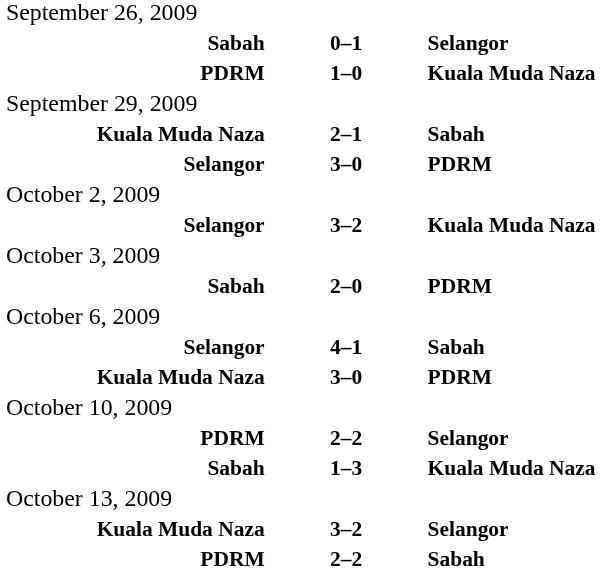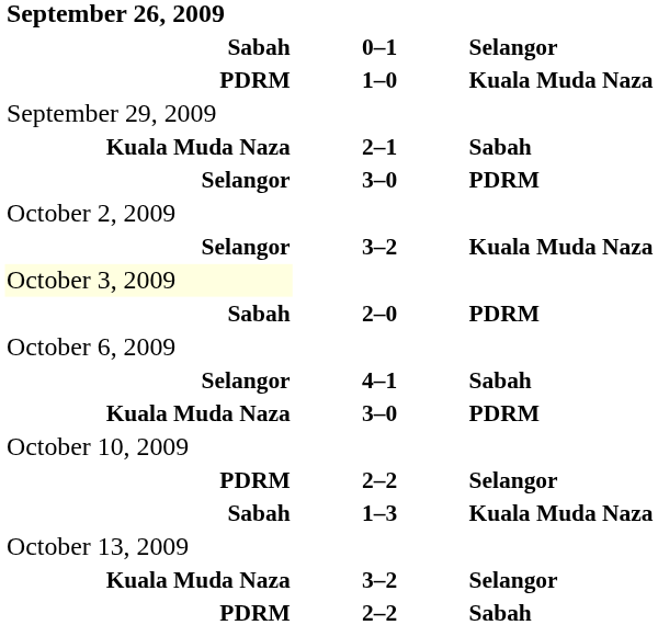 <table width=100% cellspacing=1>
 <tr>
 <th width=20%></th>
 <th width=12%></th>
 <th width=20%></th>
 <th></th>
 </tr>
 <tr>
-<td>September 26, 2009</td>
+<td><strong>September 26, 2009</strong></td>
 </tr>
 <tr style=font-size:90%>
 <td align=right><strong>Sabah</strong></td>
 <td align=center><strong>0–1</strong></td>
 <td><strong>Selangor</strong></td>
 <td></td>
 <td></td>
 </tr>
 <tr style=font-size:90%>
 <td align=right><strong>PDRM</strong></td>
 <td align=center><strong>1–0</strong></td>
 <td><strong>Kuala Muda Naza</strong></td>
 <td></td>
 <td></td>
 </tr>
 <tr>
 <td>September 29, 2009</td>
 </tr>
 <tr style=font-size:90%>
 <td align=right><strong>Kuala Muda Naza</strong></td>
 <td align=center><strong>2–1</strong></td>
 <td><strong>Sabah</strong></td>
 <td></td>
 <td></td>
 </tr>
 <tr style=font-size:90%>
 <td align=right><strong>Selangor</strong></td>
 <td align=center><strong>3–0</strong></td>
 <td><strong>PDRM</strong></td>
 <td></td>
 <td></td>
 </tr>
 <tr>
 <td>October 2, 2009</td>
 </tr>
 <tr style=font-size:90%>
 <td align=right><strong>Selangor</strong></td>
 <td align=center><strong>3–2</strong></td>
 <td><strong>Kuala Muda Naza</strong></td>
 <td></td>
 <td></td>
 </tr>
 <tr>
-<td>October 3, 2009</td>
+<td style="background: lightyellow;">October 3, 2009</td>
 </tr>
 <tr style=font-size:90%>
 <td align=right><strong>Sabah</strong></td>
 <td align=center><strong>2–0</strong></td>
 <td><strong>PDRM</strong></td>
 <td></td>
 <td></td>
 </tr>
 <tr>
 <td>October 6, 2009</td>
 </tr>
 <tr style=font-size:90%>
 <td align=right><strong>Selangor</strong></td>
 <td align=center><strong>4–1</strong></td>
 <td><strong>Sabah</strong></td>
 <td></td>
 <td></td>
 </tr>
 <tr style=font-size:90%>
 <td align=right><strong>Kuala Muda Naza</strong></td>
 <td align=center><strong>3–0</strong></td>
 <td><strong>PDRM</strong></td>
 <td></td>
 <td></td>
 </tr>
 <tr>
 <td>October 10, 2009</td>
 </tr>
 <tr style=font-size:90%>
 <td align=right><strong>PDRM</strong></td>
 <td align=center><strong>2–2</strong></td>
 <td><strong>Selangor</strong></td>
 <td></td>
 <td></td>
 </tr>
 <tr style=font-size:90%>
 <td align=right><strong>Sabah</strong></td>
 <td align=center><strong>1–3</strong></td>
 <td><strong>Kuala Muda Naza</strong></td>
 <td></td>
 <td></td>
 </tr>
 <tr>
 <td>October 13, 2009</td>
 </tr>
 <tr style=font-size:90%>
 <td align=right><strong>Kuala Muda Naza</strong></td>
 <td align=center><strong>3–2</strong></td>
 <td><strong>Selangor</strong></td>
 <td></td>
 <td></td>
 </tr>
 <tr style=font-size:90%>
 <td align=right><strong>PDRM</strong></td>
 <td align=center><strong>2–2</strong></td>
 <td><strong>Sabah</strong></td>
 <td></td>
 <td></td>
 </tr>
 </table>
